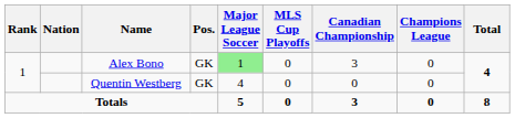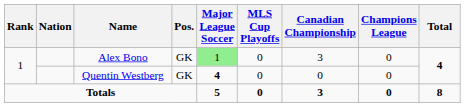 <table class="wikitable sortable" style="font-size:100%; text-align:center">
 <tr>
 <th width=15>Rank</th>
 <th width=15>Nation</th>
 <th width=130>Name</th>
 <th width=15>Pos.</th>
 <th width=50><a href='#'>Major League Soccer</a></th>
 <th width=50><a href='#'>MLS Cup Playoffs</a></th>
 <th width=50><a href='#'>Canadian Championship</a></th>
 <th width=50><a href='#'>Champions League</a></th>
 <th width=50>Total</th>
 </tr>
 <tr>
 <td rowspan="2">1</td>
 <td></td>
 <td><a href='#'>Alex Bono</a></td>
 <td>GK</td>
 <td style="background: lightgreen;">1</td>
 <td>0</td>
 <td>3</td>
 <td>0</td>
 <td rowspan="2"><strong>4</strong></td>
 </tr>
 <tr>
 <td></td>
 <td><a href='#'>Quentin Westberg</a></td>
 <td>GK</td>
-<td>4</td>
+<td><strong>4</strong></td>
 <td>0</td>
 <td>0</td>
 <td>0</td>
 </tr>
 <tr class="sortbottom">
 <td colspan="4"><strong>Totals</strong></td>
 <td><strong>5</strong></td>
 <td><strong>0</strong></td>
 <td><strong>3</strong></td>
 <td><strong>0</strong></td>
 <td><strong>8</strong></td>
 </tr>
 </table>
